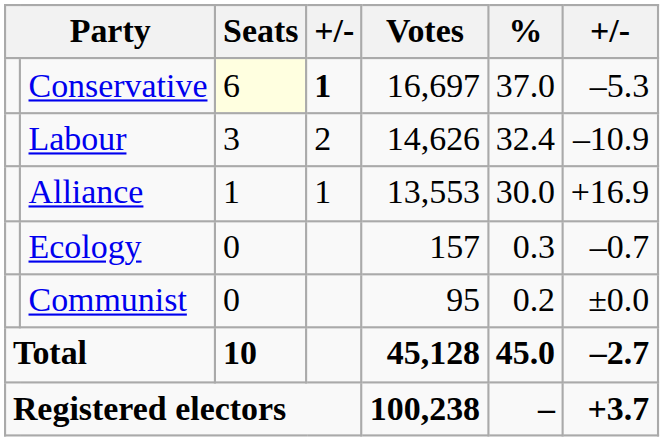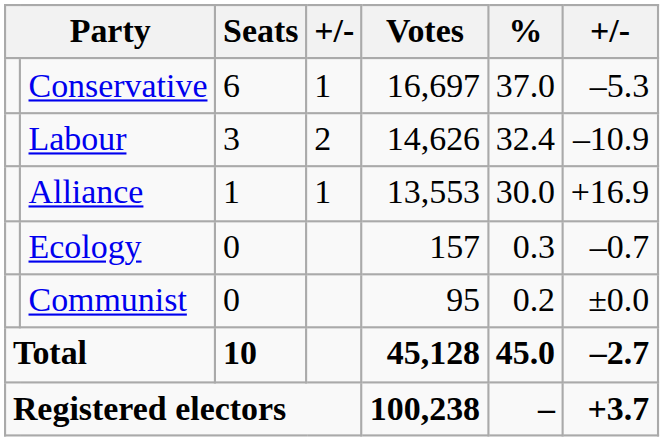 <table class="wikitable sortable">
 <tr>
 <th colspan="2">Party</th>
 <th>Seats</th>
 <th>+/-</th>
 <th>Votes</th>
 <th>%</th>
 <th>+/-</th>
 </tr>
 <tr>
 <td style="background-color: "></td>
 <td><a href='#'>Conservative</a></td>
-<td style="background: lightyellow;">6</td>
-<td><strong> 1</strong></td>
+<td>6</td>
+<td> 1</td>
 <td style="text-align:right;">16,697</td>
 <td style="text-align:right;">37.0</td>
 <td style="text-align:right;">–5.3</td>
 </tr>
 <tr>
 <td style="background-color: "></td>
 <td><a href='#'>Labour</a></td>
 <td>3</td>
 <td> 2</td>
 <td style="text-align:right;">14,626</td>
 <td style="text-align:right;">32.4</td>
 <td style="text-align:right;">–10.9</td>
 </tr>
 <tr>
 <td style="background-color: "></td>
 <td><a href='#'>Alliance</a></td>
 <td>1</td>
 <td> 1</td>
 <td style="text-align:right;">13,553</td>
 <td style="text-align:right;">30.0</td>
 <td style="text-align:right;">+16.9</td>
 </tr>
 <tr>
 <td style="background-color: "></td>
 <td><a href='#'>Ecology</a></td>
 <td>0</td>
 <td></td>
 <td style="text-align:right;">157</td>
 <td style="text-align:right;">0.3</td>
 <td style="text-align:right;">–0.7</td>
 </tr>
 <tr>
 <td style="background-color: "></td>
 <td><a href='#'>Communist</a></td>
 <td>0</td>
 <td></td>
 <td style="text-align:right;">95</td>
 <td style="text-align:right;">0.2</td>
 <td style="text-align:right;">±0.0</td>
 </tr>
 <tr>
 <td colspan="2"><strong>Total</strong></td>
 <td><strong>10</strong></td>
 <td></td>
 <td style="text-align:right;"><strong>45,128</strong></td>
 <td style="text-align:right;"><strong>45.0</strong></td>
 <td style="text-align:right;"><strong>–2.7</strong></td>
 </tr>
 <tr>
 <td colspan="4"><strong>Registered electors</strong></td>
 <td style="text-align:right;"><strong>100,238</strong></td>
 <td style="text-align:right;"><strong>–</strong></td>
 <td style="text-align:right;"><strong>+3.7</strong></td>
 </tr>
 </table>
